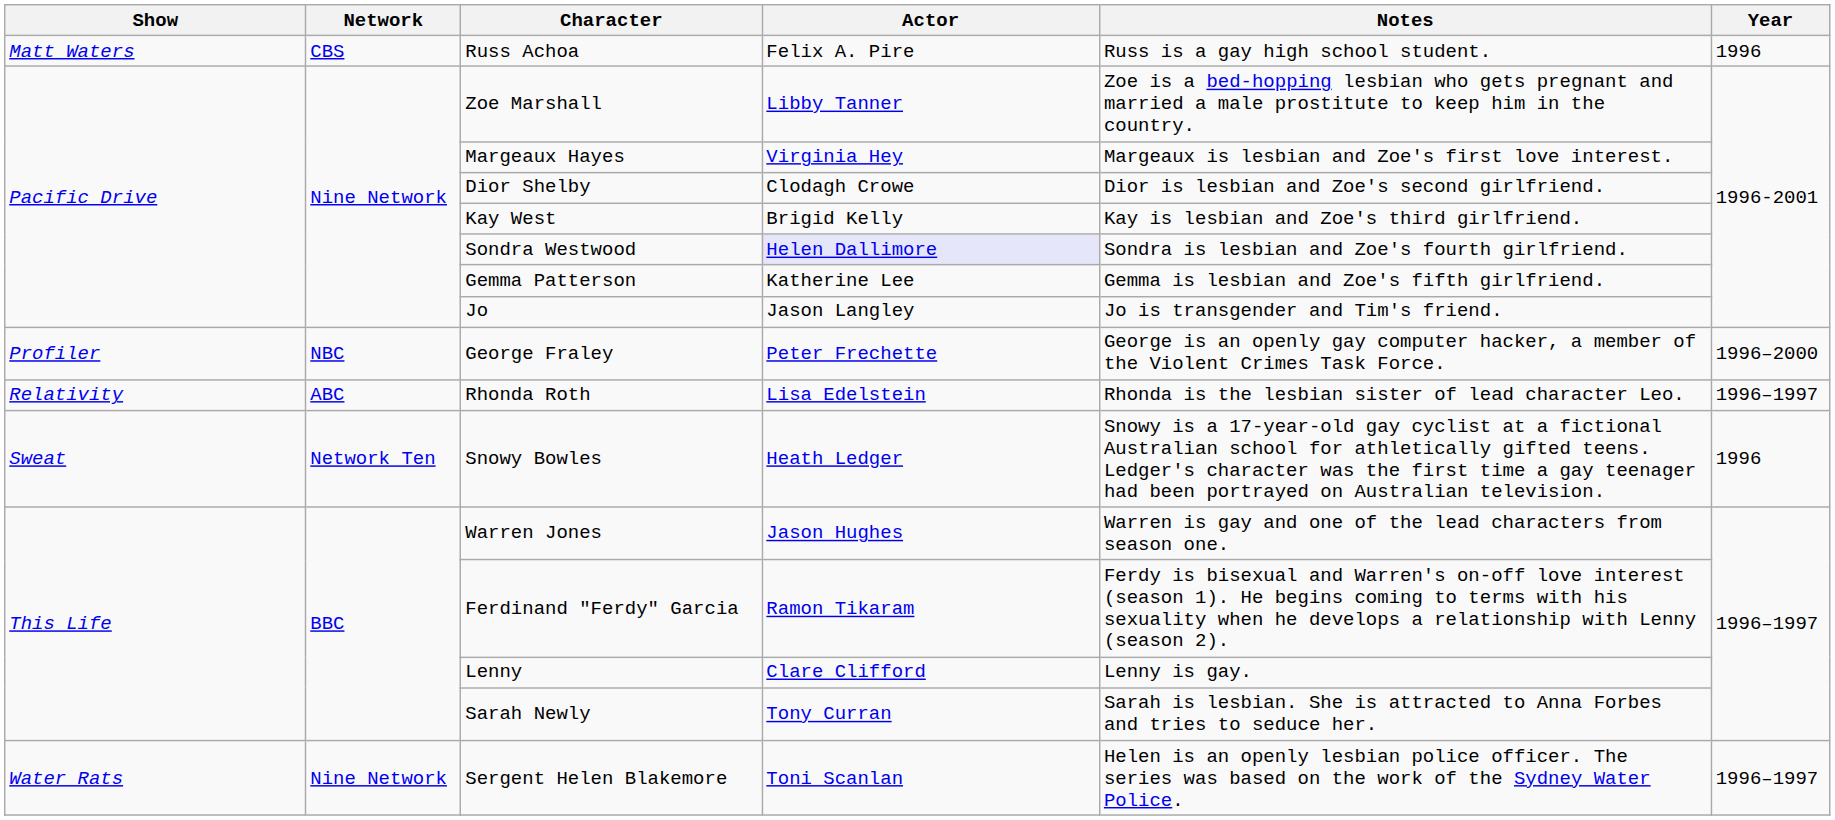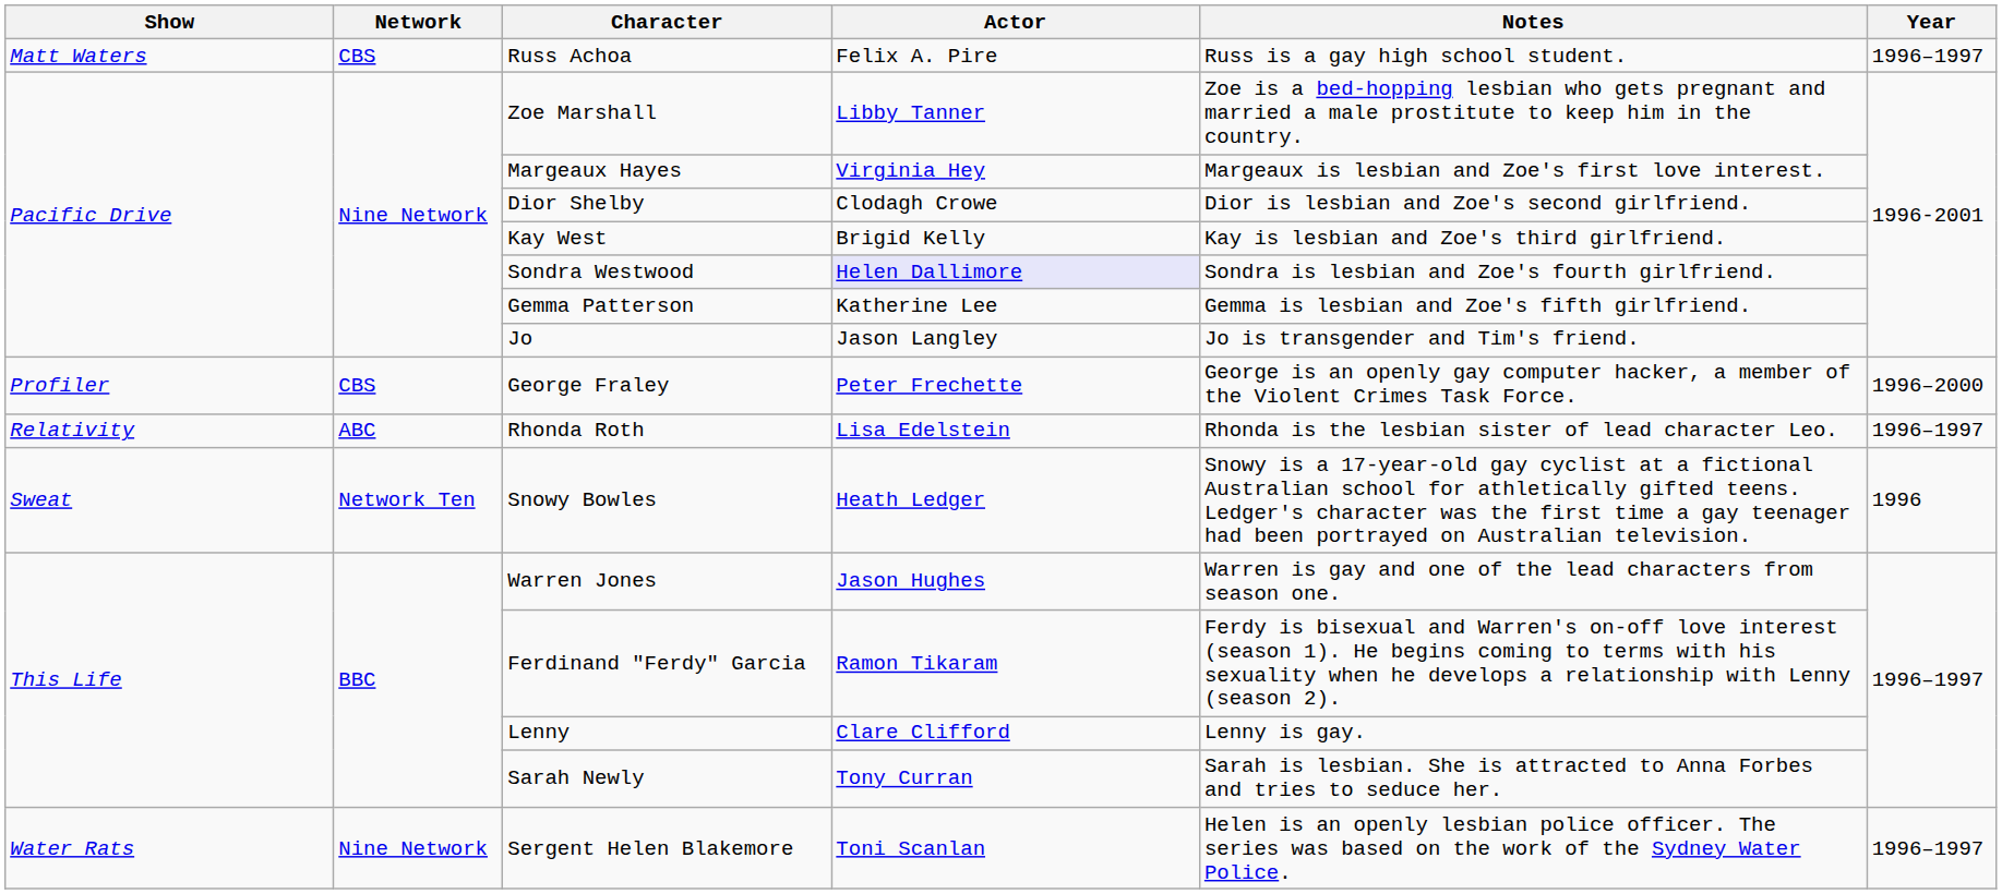 <table class="sortable wikitable" style="margins:auto; width=100%;">
 <tr>
 <th style="width:200px;">Show</th>
 <th style="width:100px;">Network</th>
 <th style="width:200px;">Character</th>
 <th style="width:225px;">Actor</th>
 <th>Notes</th>
 <th style="width:75px;">Year</th>
 </tr>
 <tr>
 <td><em><a href='#'>Matt Waters</a></em></td>
 <td><a href='#'>CBS</a></td>
 <td>Russ Achoa</td>
 <td>Felix A. Pire</td>
 <td>Russ is a gay high school student.</td>
-<td>1996</td>
+<td>1996–1997</td>
 </tr>
 <tr>
 <td rowspan="7"><em><a href='#'>Pacific Drive</a></em></td>
 <td rowspan="7"><a href='#'>Nine Network</a></td>
 <td>Zoe Marshall</td>
 <td><a href='#'>Libby Tanner</a></td>
 <td>Zoe is a <a href='#'>bed-hopping</a> lesbian who gets pregnant and married a male prostitute to keep him in the country.</td>
 <td rowspan="7">1996-2001</td>
 </tr>
 <tr>
 <td>Margeaux Hayes</td>
 <td><a href='#'>Virginia Hey</a></td>
 <td>Margeaux is lesbian and Zoe's first love interest.</td>
 </tr>
 <tr>
 <td>Dior Shelby</td>
 <td>Clodagh Crowe</td>
 <td>Dior is lesbian and Zoe's second girlfriend.</td>
 </tr>
 <tr>
 <td>Kay West</td>
 <td>Brigid Kelly</td>
 <td>Kay is lesbian and Zoe's third girlfriend.</td>
 </tr>
 <tr>
 <td>Sondra Westwood</td>
 <td style="background: lavender;"><a href='#'>Helen Dallimore</a></td>
 <td>Sondra is lesbian and Zoe's fourth girlfriend.</td>
 </tr>
 <tr>
 <td>Gemma Patterson</td>
 <td>Katherine Lee</td>
 <td>Gemma is lesbian and Zoe's fifth girlfriend.</td>
 </tr>
 <tr>
 <td>Jo</td>
 <td>Jason Langley</td>
 <td>Jo is transgender and Tim's friend.</td>
 </tr>
 <tr>
 <td><em><a href='#'>Profiler</a></em></td>
-<td><a href='#'>NBC</a></td>
+<td><a href='#'>CBS</a></td>
 <td>George Fraley</td>
 <td><a href='#'>Peter Frechette</a></td>
 <td>George is an openly gay computer hacker, a member of the Violent Crimes Task Force.</td>
 <td>1996–2000</td>
 </tr>
 <tr>
 <td><em><a href='#'>Relativity</a></em></td>
 <td><a href='#'>ABC</a></td>
 <td>Rhonda Roth</td>
 <td><a href='#'>Lisa Edelstein</a></td>
 <td>Rhonda is the lesbian sister of lead character Leo.</td>
 <td>1996–1997</td>
 </tr>
 <tr>
 <td><em><a href='#'>Sweat</a></em></td>
 <td><a href='#'>Network Ten</a></td>
 <td>Snowy Bowles</td>
 <td><a href='#'>Heath Ledger</a></td>
 <td>Snowy is a 17-year-old gay cyclist at a fictional Australian school for athletically gifted teens. Ledger's character was the first time a gay teenager had been portrayed on Australian television.</td>
 <td>1996</td>
 </tr>
 <tr>
 <td rowspan="4"><em><a href='#'>This Life</a></em></td>
 <td rowspan="4"><a href='#'>BBC</a></td>
 <td>Warren Jones</td>
 <td><a href='#'>Jason Hughes</a></td>
 <td>Warren is gay and one of the lead characters from season one.</td>
 <td rowspan="4">1996–1997</td>
 </tr>
 <tr>
 <td>Ferdinand "Ferdy" Garcia</td>
 <td><a href='#'>Ramon Tikaram</a></td>
 <td>Ferdy is bisexual and Warren's on-off love interest (season 1). He begins coming to terms with his sexuality when he develops a relationship with Lenny (season 2).</td>
 </tr>
 <tr>
 <td>Lenny</td>
 <td><a href='#'>Clare Clifford</a></td>
 <td>Lenny is gay.</td>
 </tr>
 <tr>
 <td>Sarah Newly</td>
 <td><a href='#'>Tony Curran</a></td>
 <td>Sarah is lesbian. She is attracted to Anna Forbes and tries to seduce her.</td>
 </tr>
 <tr>
 <td><em><a href='#'>Water Rats</a></em></td>
 <td><a href='#'>Nine Network</a></td>
 <td>Sergent Helen Blakemore</td>
 <td><a href='#'>Toni Scanlan</a></td>
 <td>Helen is an openly lesbian police officer. The series was based on the work of the <a href='#'>Sydney Water Police</a>.</td>
 <td>1996–1997</td>
 </tr>
 </table>
